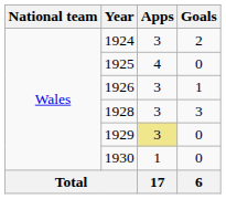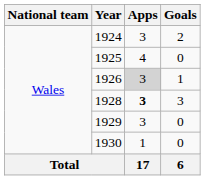 <table class="wikitable" style="text-align: center;">
 <tr>
 <th>National team</th>
 <th>Year</th>
 <th>Apps</th>
 <th>Goals</th>
 </tr>
 <tr>
 <td rowspan="6"><a href='#'>Wales</a></td>
 <td>1924</td>
 <td>3</td>
 <td>2</td>
 </tr>
 <tr>
 <td>1925</td>
 <td>4</td>
 <td>0</td>
 </tr>
 <tr>
 <td>1926</td>
-<td>3</td>
+<td style="background: lightgrey;">3</td>
 <td>1</td>
 </tr>
 <tr>
 <td>1928</td>
-<td>3</td>
+<td><strong>3</strong></td>
 <td>3</td>
 </tr>
 <tr>
 <td>1929</td>
-<td style="background: khaki;">3</td>
+<td>3</td>
 <td>0</td>
 </tr>
 <tr>
 <td>1930</td>
 <td>1</td>
 <td>0</td>
 </tr>
 <tr>
 <th colspan="2">Total</th>
 <th>17</th>
 <th>6</th>
 </tr>
 </table>
